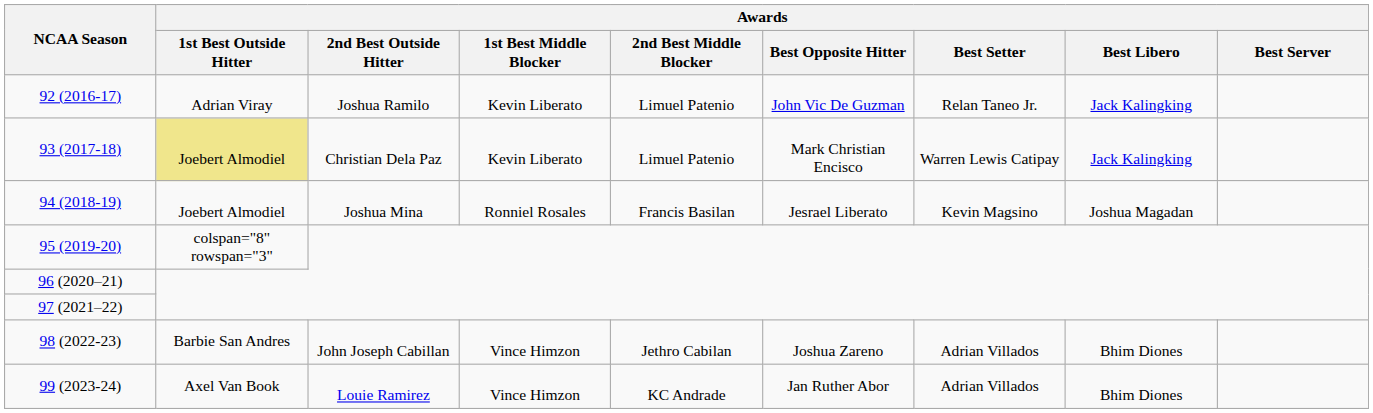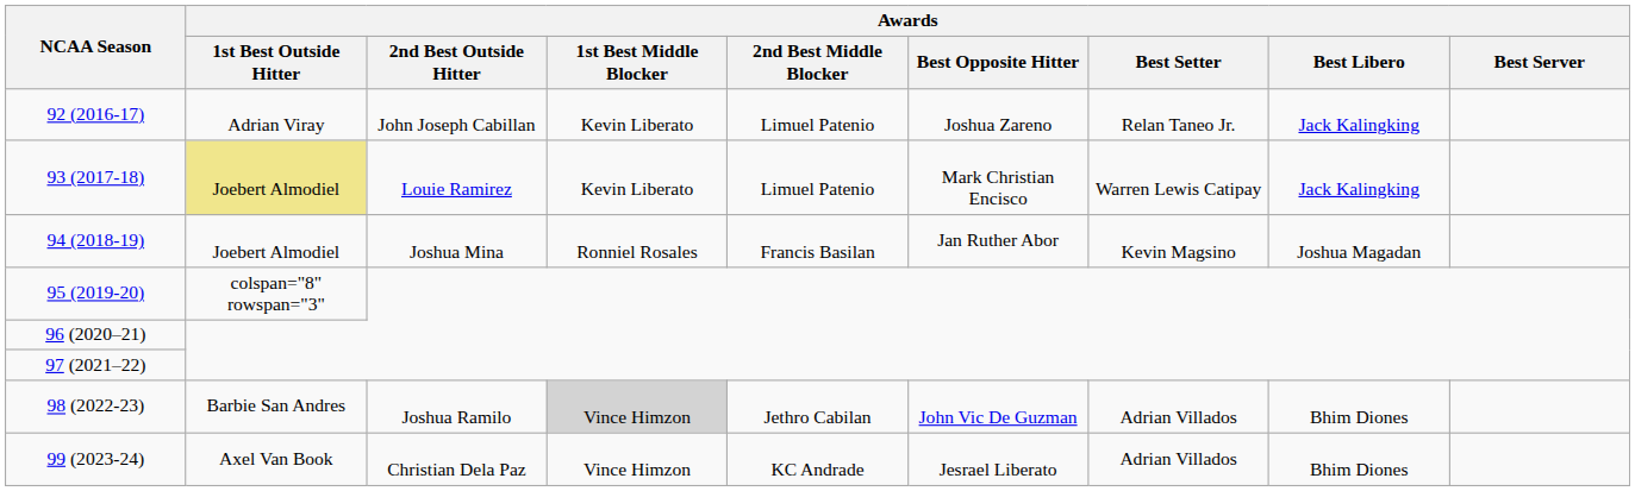 <table class="wikitable" width=100% style="font-size:90%; text-align:center;">
 <tr>
 <th width=10% rowspan=2>NCAA Season</th>
 <th colspan=8>Awards</th>
 </tr>
 <tr>
 <th width=10%>1st Best Outside Hitter</th>
 <th width=10%>2nd Best Outside Hitter</th>
 <th width=10%>1st Best Middle Blocker</th>
 <th width=10%>2nd Best Middle Blocker</th>
 <th width=10%>Best Opposite Hitter</th>
 <th width=10%>Best Setter</th>
 <th width=10%>Best Libero</th>
 <th width=10%>Best Server</th>
 </tr>
 <tr>
 <td><a href='#'>92 (2016-17)</a></td>
 <td><br>Adrian Viray</td>
-<td><br>Joshua Ramilo</td>
+<td><br>John Joseph Cabillan</td>
 <td><br>Kevin Liberato</td>
 <td><br>Limuel Patenio</td>
-<td><br> <a href='#'>John Vic De Guzman</a></td>
+<td><br>Joshua Zareno</td>
 <td><br>Relan Taneo Jr.</td>
 <td><br><a href='#'>Jack Kalingking</a></td>
 <td></td>
 </tr>
 <tr>
 <td><a href='#'>93 (2017-18)</a></td>
 <td style="background: khaki;"><br>Joebert Almodiel</td>
-<td><br>Christian Dela Paz</td>
+<td><br><a href='#'>Louie Ramirez</a></td>
 <td><br>Kevin Liberato</td>
 <td><br>Limuel Patenio</td>
 <td><br>Mark Christian Encisco</td>
 <td><br>Warren Lewis Catipay</td>
 <td><br><a href='#'>Jack Kalingking</a></td>
 <td></td>
 </tr>
 <tr>
 <td><a href='#'>94 (2018-19)</a></td>
 <td><br>Joebert Almodiel</td>
 <td><br>Joshua Mina</td>
 <td><br>Ronniel Rosales</td>
 <td><br>Francis Basilan</td>
-<td><br>Jesrael Liberato</td>
+<td> Jan Ruther Abor</td>
 <td><br>Kevin Magsino</td>
 <td><br>Joshua Magadan</td>
 <td></td>
 </tr>
 <tr>
 <td><a href='#'>95 (2019-20)</a></td>
 <td>colspan="8" rowspan="3" </td>
 </tr>
 <tr>
 <td align="center"><a href='#'>96</a> (2020–21)</td>
 </tr>
 <tr>
 <td align="center"><a href='#'>97</a> (2021–22)</td>
 </tr>
 <tr>
 <td><a href='#'>98</a> (2022-23)</td>
 <td>Barbie San Andres</td>
-<td><br>John Joseph Cabillan</td>
-<td><br>Vince Himzon</td>
+<td><br>Joshua Ramilo</td>
+<td style="background: lightgrey;"><br>Vince Himzon</td>
 <td><br>Jethro Cabilan</td>
-<td><br>Joshua Zareno</td>
+<td><br> <a href='#'>John Vic De Guzman</a></td>
 <td><br>Adrian Villados</td>
 <td><br>Bhim Diones</td>
 <td></td>
 </tr>
 <tr>
 <td><a href='#'>99</a> (2023-24)</td>
 <td> Axel Van Book</td>
-<td><br><a href='#'>Louie Ramirez</a></td>
+<td><br>Christian Dela Paz</td>
 <td><br> Vince Himzon</td>
 <td><br> KC Andrade</td>
-<td> Jan Ruther Abor</td>
+<td><br>Jesrael Liberato</td>
 <td> Adrian Villados</td>
 <td><br> Bhim Diones</td>
 <td></td>
 </tr>
 </table>
